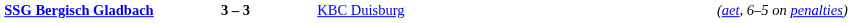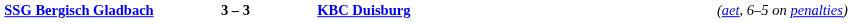 <table width=100% cellspacing=1>
 <tr>
 <th width=25%></th>
 <th width=10%></th>
 <th width=25%></th>
 <th></th>
 </tr>
 <tr style=font-size:90%>
 <td align=right><strong><a href='#'>SSG Bergisch Gladbach</a></strong></td>
 <td align=center><strong>3 – 3</strong></td>
-<td><a href='#'>KBC Duisburg</a></td>
+<td><strong><a href='#'>KBC Duisburg</a></strong></td>
 <td><em>(<a href='#'>aet</a>, 6–5 on <a href='#'>penalties</a>)</em></td>
 </tr>
 </table>
